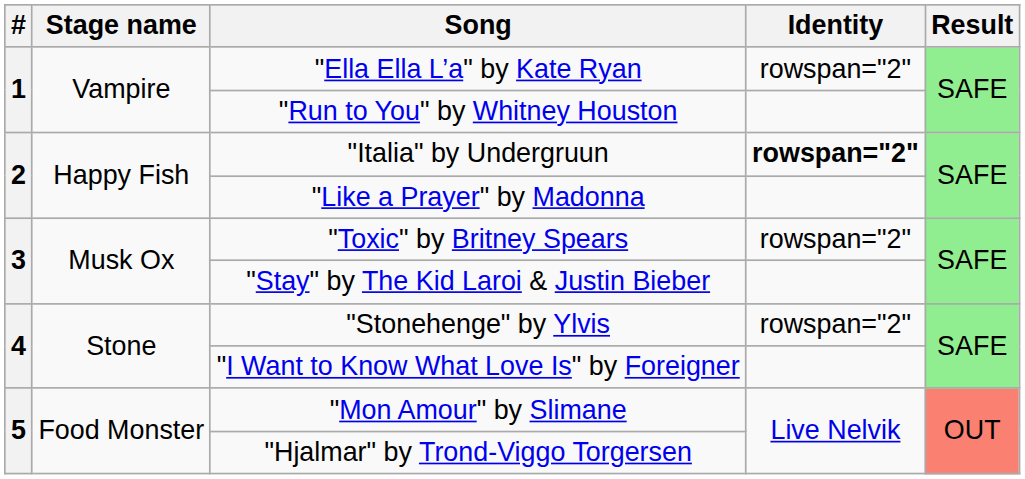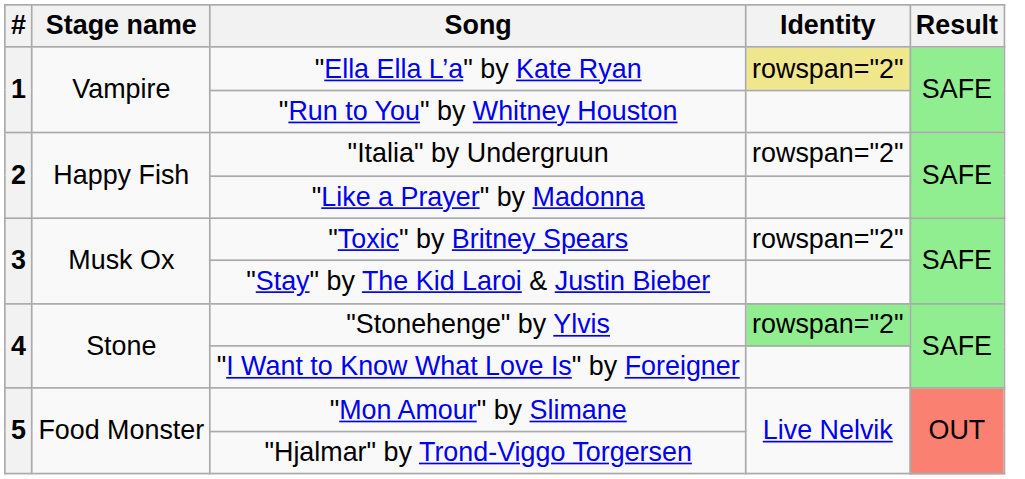 <table class="wikitable plainrowheaders" style="text-align: center;">
 <tr>
 <th>#</th>
 <th>Stage name</th>
 <th>Song</th>
 <th>Identity</th>
 <th>Result</th>
 </tr>
 <tr>
 <th rowspan="2">1</th>
 <td rowspan="2">Vampire</td>
 <td>"<a href='#'>Ella Ella L’a</a>" by <a href='#'>Kate Ryan</a></td>
-<td>rowspan="2" </td>
+<td style="background: khaki;">rowspan="2" </td>
 <td rowspan="2" bgcolor="lightgreen">SAFE</td>
 </tr>
 <tr>
 <td>"<a href='#'>Run to You</a>" by <a href='#'>Whitney Houston</a></td>
 </tr>
 <tr>
 <th rowspan="2">2</th>
 <td rowspan="2">Happy Fish</td>
 <td>"Italia" by Undergruun</td>
-<td><strong>rowspan="2" </strong></td>
+<td>rowspan="2" </td>
 <td rowspan="2" bgcolor="lightgreen">SAFE</td>
 </tr>
 <tr>
 <td>"<a href='#'>Like a Prayer</a>" by <a href='#'>Madonna</a></td>
 </tr>
 <tr>
 <th rowspan="2">3</th>
 <td rowspan="2">Musk Ox</td>
 <td>"<a href='#'>Toxic</a>" by <a href='#'>Britney Spears</a></td>
 <td>rowspan="2" </td>
 <td rowspan="2" bgcolor="lightgreen">SAFE</td>
 </tr>
 <tr>
 <td>"<a href='#'>Stay</a>" by <a href='#'>The Kid Laroi</a> & <a href='#'>Justin Bieber</a></td>
 </tr>
 <tr>
 <th rowspan="2">4</th>
 <td rowspan="2">Stone</td>
 <td>"Stonehenge" by <a href='#'>Ylvis</a></td>
-<td>rowspan="2" </td>
+<td style="background: lightgreen;">rowspan="2" </td>
 <td rowspan="2" bgcolor="lightgreen">SAFE</td>
 </tr>
 <tr>
 <td>"<a href='#'>I Want to Know What Love Is</a>" by <a href='#'>Foreigner</a></td>
 </tr>
 <tr>
 <th rowspan="2">5</th>
 <td rowspan="2">Food Monster</td>
 <td>"<a href='#'>Mon Amour</a>" by <a href='#'>Slimane</a></td>
 <td rowspan="2"><a href='#'>Live Nelvik</a></td>
 <td rowspan="2" bgcolor="salmon">OUT</td>
 </tr>
 <tr>
 <td>"Hjalmar" by <a href='#'>Trond-Viggo Torgersen</a></td>
 </tr>
 </table>
